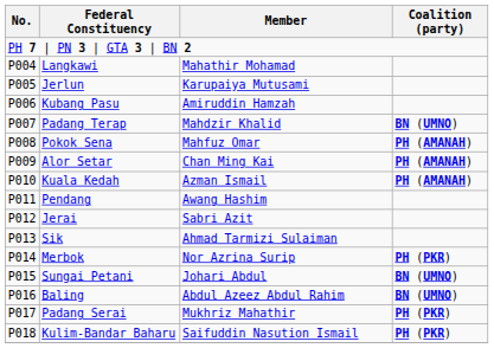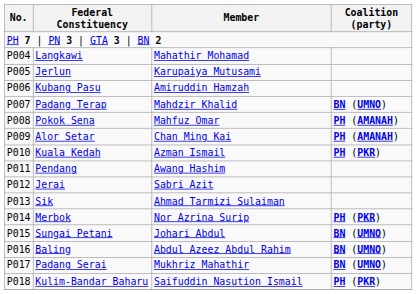 <table class="wikitable sortable">
 <tr>
 <th style="width:30px;">No.</th>
 <th style="width:150px;">Federal Constituency</th>
 <th style="width:230px;">Member</th>
 <th style="width:100px;">Coalition (party)</th>
 </tr>
 <tr>
 <td colspan="4"><a href='#'>PH</a> <strong>7</strong> | <a href='#'>PN</a> <strong>3</strong>  | <a href='#'>GTA</a> <strong>3</strong> | <a href='#'>BN</a> <strong>2</strong></td>
 </tr>
 <tr>
 <td>P004</td>
 <td><a href='#'>Langkawi</a></td>
 <td><a href='#'>Mahathir Mohamad</a></td>
 <td></td>
 </tr>
 <tr>
 <td>P005</td>
 <td><a href='#'>Jerlun</a></td>
 <td><a href='#'>Karupaiya Mutusami</a></td>
 <td></td>
 </tr>
 <tr>
 <td>P006</td>
 <td><a href='#'>Kubang Pasu</a></td>
 <td><a href='#'>Amiruddin Hamzah</a></td>
 <td></td>
 </tr>
 <tr>
 <td>P007</td>
 <td><a href='#'>Padang Terap</a></td>
 <td><a href='#'>Mahdzir Khalid</a></td>
 <td><strong><a href='#'>BN</a></strong> (<strong><a href='#'>UMNO</a></strong>)</td>
 </tr>
 <tr>
 <td>P008</td>
 <td><a href='#'>Pokok Sena</a></td>
 <td><a href='#'>Mahfuz Omar</a></td>
 <td><strong><a href='#'>PH</a></strong> (<strong><a href='#'>AMANAH</a></strong>)</td>
 </tr>
 <tr>
 <td>P009</td>
 <td><a href='#'>Alor Setar</a></td>
 <td><a href='#'>Chan Ming Kai</a></td>
 <td><strong><a href='#'>PH</a></strong> (<strong><a href='#'>AMANAH</a></strong>)</td>
 </tr>
 <tr>
 <td>P010</td>
 <td><a href='#'>Kuala Kedah</a></td>
 <td><a href='#'>Azman Ismail</a></td>
-<td><strong><a href='#'>PH</a></strong> (<strong><a href='#'>AMANAH</a></strong>)</td>
+<td><strong><a href='#'>PH</a></strong> (<strong><a href='#'>PKR</a></strong>)</td>
 </tr>
 <tr>
 <td>P011</td>
 <td><a href='#'>Pendang</a></td>
 <td><a href='#'>Awang Hashim</a></td>
 <td></td>
 </tr>
 <tr>
 <td>P012</td>
 <td><a href='#'>Jerai</a></td>
 <td><a href='#'>Sabri Azit</a></td>
 <td></td>
 </tr>
 <tr>
 <td>P013</td>
 <td><a href='#'>Sik</a></td>
 <td><a href='#'>Ahmad Tarmizi Sulaiman</a></td>
 <td></td>
 </tr>
 <tr>
 <td>P014</td>
 <td><a href='#'>Merbok</a></td>
 <td><a href='#'>Nor Azrina Surip</a></td>
 <td><strong><a href='#'>PH</a></strong> (<strong><a href='#'>PKR</a></strong>)</td>
 </tr>
 <tr>
 <td>P015</td>
 <td><a href='#'>Sungai Petani</a></td>
 <td><a href='#'>Johari Abdul</a></td>
 <td><strong><a href='#'>BN</a></strong> (<strong><a href='#'>UMNO</a></strong>)</td>
 </tr>
 <tr>
 <td>P016</td>
 <td><a href='#'>Baling</a></td>
 <td><a href='#'>Abdul Azeez Abdul Rahim</a></td>
 <td><strong><a href='#'>BN</a></strong> (<strong><a href='#'>UMNO</a></strong>)</td>
 </tr>
 <tr>
 <td>P017</td>
 <td><a href='#'>Padang Serai</a></td>
 <td><a href='#'>Mukhriz Mahathir</a></td>
-<td><strong><a href='#'>PH</a></strong> (<strong><a href='#'>PKR</a></strong>)</td>
+<td><strong><a href='#'>BN</a></strong> (<strong><a href='#'>UMNO</a></strong>)</td>
 </tr>
 <tr>
 <td>P018</td>
 <td><a href='#'>Kulim-Bandar Baharu</a></td>
 <td><a href='#'>Saifuddin Nasution Ismail</a></td>
 <td><strong><a href='#'>PH</a></strong> (<strong><a href='#'>PKR</a></strong>)</td>
 </tr>
 <tr>
 </tr>
 </table>
